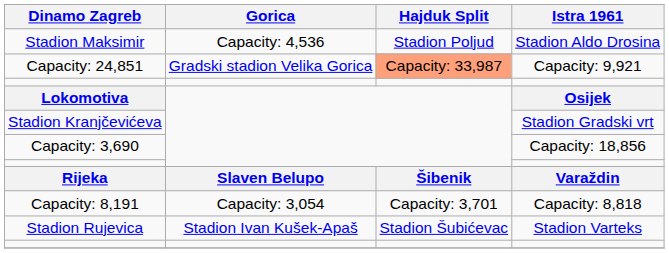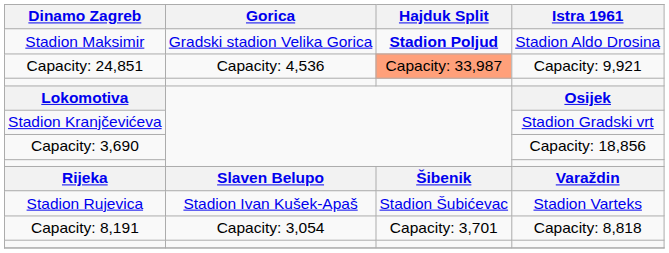 <table class="wikitable" style="text-align:center;">
 <tr>
 <th><a href='#'>Dinamo Zagreb</a></th>
 <th><a href='#'>Gorica</a></th>
 <th><a href='#'>Hajduk Split</a></th>
 <th><a href='#'>Istra 1961</a></th>
 </tr>
 <tr>
 <td><a href='#'>Stadion Maksimir</a></td>
-<td>Capacity: 4,536</td>
-<td><a href='#'>Stadion Poljud</a></td>
+<td><a href='#'>Gradski stadion Velika Gorica</a></td>
+<td><strong><a href='#'>Stadion Poljud</a></strong></td>
 <td><a href='#'>Stadion Aldo Drosina</a></td>
 </tr>
 <tr>
 <td>Capacity: 24,851</td>
-<td><a href='#'>Gradski stadion Velika Gorica</a></td>
+<td>Capacity: 4,536</td>
 <td style="background: lightsalmon;">Capacity: 33,987</td>
 <td>Capacity: 9,921</td>
 </tr>
 <tr>
 <td></td>
 <td></td>
 <td></td>
 <td></td>
 </tr>
 <tr>
 <th><a href='#'>Lokomotiva</a></th>
 <td colspan="2" rowspan="4"><br> </td>
 <th><a href='#'>Osijek</a></th>
 </tr>
 <tr>
 <td><a href='#'>Stadion Kranjčevićeva</a></td>
 <td><a href='#'>Stadion Gradski vrt</a></td>
 </tr>
 <tr>
 <td>Capacity: 3,690</td>
 <td>Capacity: 18,856</td>
 </tr>
 <tr>
 <td></td>
 <td></td>
 </tr>
 <tr>
 <th><a href='#'>Rijeka</a></th>
 <th><a href='#'>Slaven Belupo</a></th>
 <th><a href='#'>Šibenik</a></th>
 <th><a href='#'>Varaždin</a></th>
 </tr>
 <tr>
+<td><a href='#'>Stadion Rujevica</a></td>
+<td><a href='#'>Stadion Ivan Kušek-Apaš</a></td>
+<td><a href='#'>Stadion Šubićevac</a></td>
+<td><a href='#'>Stadion Varteks</a></td>
+</tr>
+<tr>
 <td>Capacity: 8,191</td>
 <td>Capacity: 3,054</td>
 <td>Capacity: 3,701</td>
 <td>Capacity: 8,818</td>
-</tr>
-<tr>
-<td><a href='#'>Stadion Rujevica</a></td>
-<td><a href='#'>Stadion Ivan Kušek-Apaš</a></td>
-<td><a href='#'>Stadion Šubićevac</a></td>
-<td><a href='#'>Stadion Varteks</a></td>
 </tr>
 <tr>
 <td></td>
 <td></td>
 <td></td>
 <td></td>
 </tr>
 <tr>
 </tr>
 </table>
